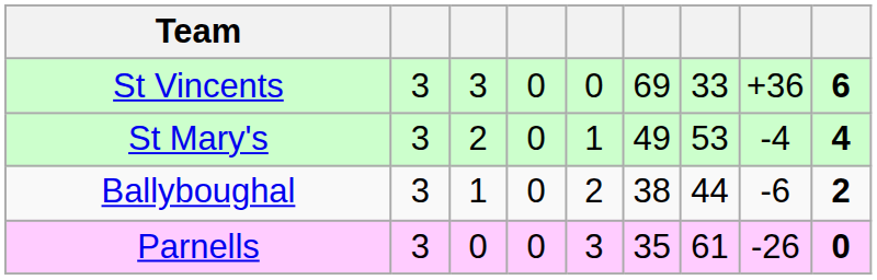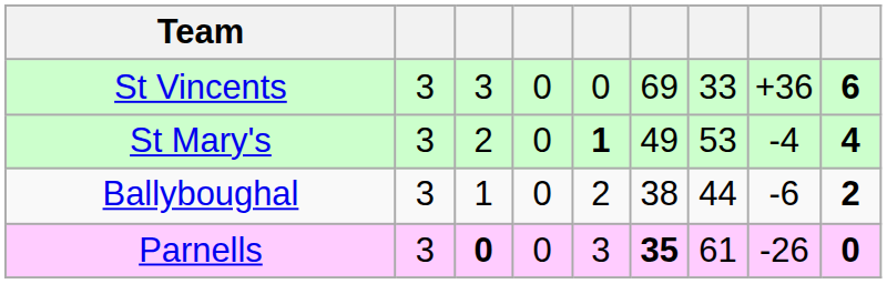 <table class="wikitable" style="text-align:center">
 <tr>
 <th style="width:175px;">Team</th>
 <th width="20"></th>
 <th width="20"></th>
 <th width="20"></th>
 <th width="20"></th>
 <th width="20"></th>
 <th width="20"></th>
 <th width="20"></th>
 <th width="20"></th>
 </tr>
 <tr style="background:#cfc;">
 <td><a href='#'>St Vincents</a></td>
 <td>3</td>
 <td>3</td>
 <td>0</td>
 <td>0</td>
 <td>69</td>
 <td>33</td>
 <td>+36</td>
 <td><strong>6</strong></td>
 </tr>
 <tr style="background:#cfc;">
 <td><a href='#'>St Mary's</a></td>
 <td>3</td>
 <td>2</td>
 <td>0</td>
-<td>1</td>
+<td><strong>1</strong></td>
 <td>49</td>
 <td>53</td>
 <td>-4</td>
 <td><strong>4</strong></td>
 </tr>
 <tr>
 <td><a href='#'>Ballyboughal</a></td>
 <td>3</td>
 <td>1</td>
 <td>0</td>
 <td>2</td>
 <td>38</td>
 <td>44</td>
 <td>-6</td>
 <td><strong>2</strong></td>
 </tr>
 <tr style="background:#fcf;">
 <td><a href='#'>Parnells</a></td>
 <td>3</td>
-<td>0</td>
+<td><strong>0</strong></td>
 <td>0</td>
 <td>3</td>
-<td>35</td>
+<td><strong>35</strong></td>
 <td>61</td>
 <td>-26</td>
 <td><strong>0</strong></td>
 </tr>
 </table>
